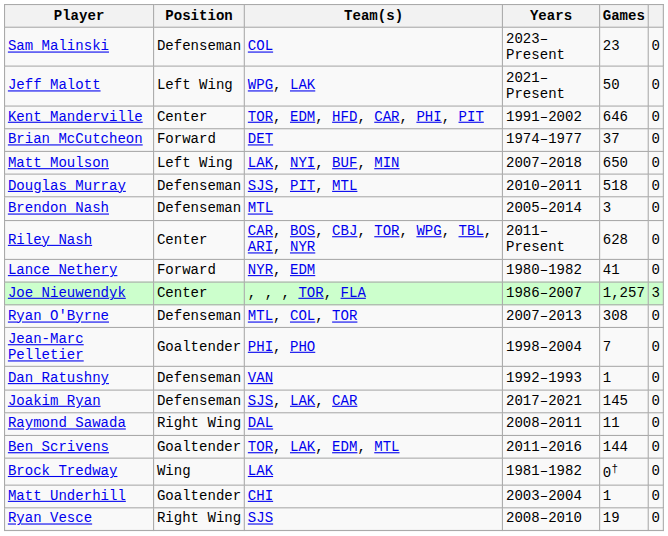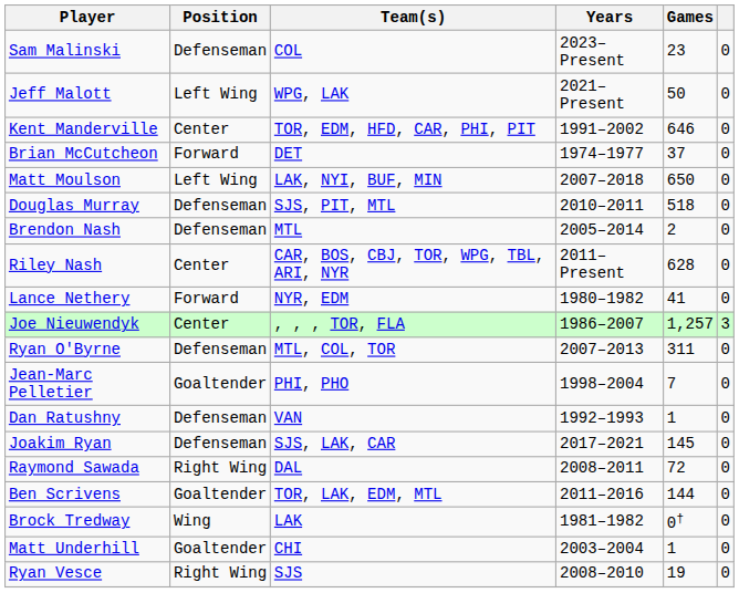 <table class="wikitable">
 <tr>
 <th>Player</th>
 <th>Position</th>
 <th>Team(s)</th>
 <th>Years</th>
 <th>Games</th>
 <th><a href='#'></a></th>
 </tr>
 <tr>
 <td><a href='#'>Sam Malinski</a></td>
 <td>Defenseman</td>
 <td><a href='#'>COL</a></td>
 <td>2023–Present</td>
 <td>23</td>
 <td>0</td>
 </tr>
 <tr>
 <td><a href='#'>Jeff Malott</a></td>
 <td>Left Wing</td>
 <td><a href='#'>WPG</a>, <a href='#'>LAK</a></td>
 <td>2021–Present</td>
 <td>50</td>
 <td>0</td>
 </tr>
 <tr>
 <td><a href='#'>Kent Manderville</a></td>
 <td>Center</td>
 <td><a href='#'>TOR</a>, <a href='#'>EDM</a>, <a href='#'>HFD</a>, <a href='#'>CAR</a>, <a href='#'>PHI</a>, <a href='#'>PIT</a></td>
 <td>1991–2002</td>
 <td>646</td>
 <td>0</td>
 </tr>
 <tr>
 <td><a href='#'>Brian McCutcheon</a></td>
 <td>Forward</td>
 <td><a href='#'>DET</a></td>
 <td>1974–1977</td>
 <td>37</td>
 <td>0</td>
 </tr>
 <tr>
 <td><a href='#'>Matt Moulson</a></td>
 <td>Left Wing</td>
 <td><a href='#'>LAK</a>, <a href='#'>NYI</a>, <a href='#'>BUF</a>, <a href='#'>MIN</a></td>
 <td>2007–2018</td>
 <td>650</td>
 <td>0</td>
 </tr>
 <tr>
 <td><a href='#'>Douglas Murray</a></td>
 <td>Defenseman</td>
 <td><a href='#'>SJS</a>, <a href='#'>PIT</a>, <a href='#'>MTL</a></td>
 <td>2010–2011</td>
 <td>518</td>
 <td>0</td>
 </tr>
 <tr>
 <td><a href='#'>Brendon Nash</a></td>
 <td>Defenseman</td>
 <td><a href='#'>MTL</a></td>
 <td>2005–2014</td>
-<td>3</td>
+<td>2</td>
 <td>0</td>
 </tr>
 <tr>
 <td><a href='#'>Riley Nash</a></td>
 <td>Center</td>
 <td><a href='#'>CAR</a>, <a href='#'>BOS</a>, <a href='#'>CBJ</a>, <a href='#'>TOR</a>, <a href='#'>WPG</a>, <a href='#'>TBL</a>, <a href='#'>ARI</a>, <a href='#'>NYR</a></td>
 <td>2011–Present</td>
 <td>628</td>
 <td>0</td>
 </tr>
 <tr>
 <td><a href='#'>Lance Nethery</a></td>
 <td>Forward</td>
 <td><a href='#'>NYR</a>, <a href='#'>EDM</a></td>
 <td>1980–1982</td>
 <td>41</td>
 <td>0</td>
 </tr>
 <tr bgcolor=CCFFCC>
 <td><a href='#'>Joe Nieuwendyk</a></td>
 <td>Center</td>
 <td><span><strong></strong></span>, <span><strong></strong></span>, <span><strong></strong></span>, <a href='#'>TOR</a>, <a href='#'>FLA</a></td>
 <td>1986–2007</td>
 <td>1,257</td>
 <td>3</td>
 </tr>
 <tr>
 <td><a href='#'>Ryan O'Byrne</a></td>
 <td>Defenseman</td>
 <td><a href='#'>MTL</a>, <a href='#'>COL</a>, <a href='#'>TOR</a></td>
 <td>2007–2013</td>
-<td>308</td>
+<td>311</td>
 <td>0</td>
 </tr>
 <tr>
 <td><a href='#'>Jean-Marc Pelletier</a></td>
 <td>Goaltender</td>
 <td><a href='#'>PHI</a>, <a href='#'>PHO</a></td>
 <td>1998–2004</td>
 <td>7</td>
 <td>0</td>
 </tr>
 <tr>
 <td><a href='#'>Dan Ratushny</a></td>
 <td>Defenseman</td>
 <td><a href='#'>VAN</a></td>
 <td>1992–1993</td>
 <td>1</td>
 <td>0</td>
 </tr>
 <tr>
 <td><a href='#'>Joakim Ryan</a></td>
 <td>Defenseman</td>
 <td><a href='#'>SJS</a>, <a href='#'>LAK</a>, <a href='#'>CAR</a></td>
 <td>2017–2021</td>
 <td>145</td>
 <td>0</td>
 </tr>
 <tr>
 <td><a href='#'>Raymond Sawada</a></td>
 <td>Right Wing</td>
 <td><a href='#'>DAL</a></td>
 <td>2008–2011</td>
-<td>11</td>
+<td>72</td>
 <td>0</td>
 </tr>
 <tr>
 <td><a href='#'>Ben Scrivens</a></td>
 <td>Goaltender</td>
 <td><a href='#'>TOR</a>, <a href='#'>LAK</a>, <a href='#'>EDM</a>, <a href='#'>MTL</a></td>
 <td>2011–2016</td>
 <td>144</td>
 <td>0</td>
 </tr>
 <tr>
 <td><a href='#'>Brock Tredway</a></td>
 <td>Wing</td>
 <td><a href='#'>LAK</a></td>
 <td>1981–1982</td>
 <td>0<sup>†</sup></td>
 <td>0</td>
 </tr>
 <tr>
 <td><a href='#'>Matt Underhill</a></td>
 <td>Goaltender</td>
 <td><a href='#'>CHI</a></td>
 <td>2003–2004</td>
 <td>1</td>
 <td>0</td>
 </tr>
 <tr>
 <td><a href='#'>Ryan Vesce</a></td>
 <td>Right Wing</td>
 <td><a href='#'>SJS</a></td>
 <td>2008–2010</td>
 <td>19</td>
 <td>0</td>
 </tr>
 <tr>
 </tr>
 </table>
